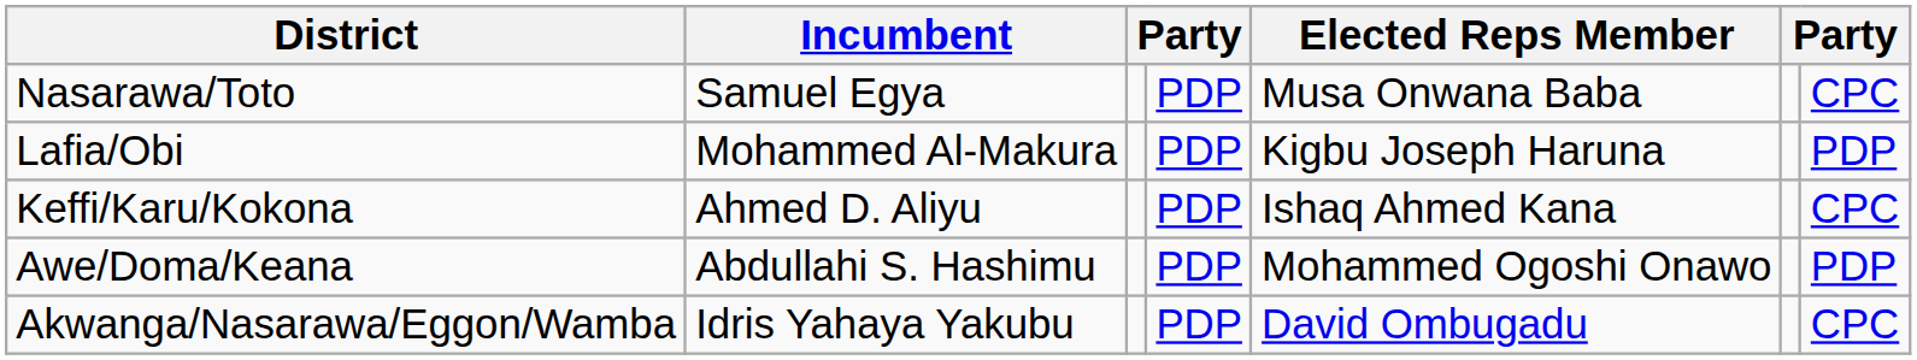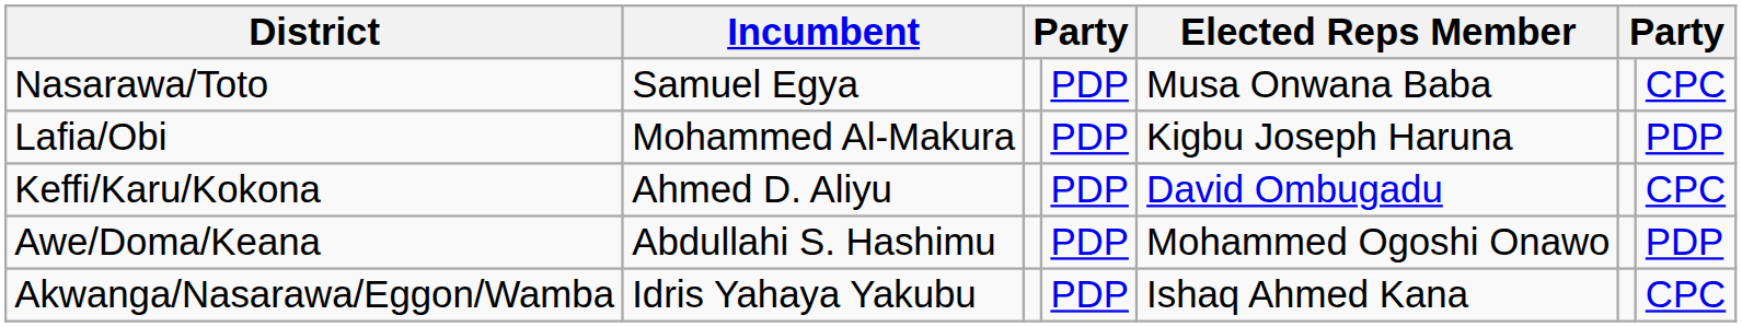 <table class="sortable wikitable" style="font-size:95%;line-height:14px;">
 <tr>
 <th class="unsortable">District</th>
 <th class="unsortable"><a href='#'>Incumbent</a></th>
 <th colspan="2">Party</th>
 <th class="unsortable">Elected Reps Member</th>
 <th colspan="2">Party</th>
 </tr>
 <tr>
 <td>Nasarawa/Toto</td>
 <td>Samuel Egya</td>
 <td style="background:"></td>
 <td><a href='#'>PDP</a></td>
 <td>Musa Onwana Baba</td>
 <td style="background:"></td>
 <td><a href='#'>CPC</a></td>
 </tr>
 <tr>
 <td>Lafia/Obi</td>
 <td>Mohammed Al-Makura</td>
 <td style="background:"></td>
 <td><a href='#'>PDP</a></td>
 <td>Kigbu Joseph Haruna</td>
 <td style="background:"></td>
 <td><a href='#'>PDP</a></td>
 </tr>
 <tr>
 <td>Keffi/Karu/Kokona</td>
 <td>Ahmed D. Aliyu</td>
 <td style="background:"></td>
 <td><a href='#'>PDP</a></td>
-<td>Ishaq Ahmed Kana</td>
+<td><a href='#'>David Ombugadu</a></td>
 <td style="background:"></td>
 <td><a href='#'>CPC</a></td>
 </tr>
 <tr>
 <td>Awe/Doma/Keana</td>
 <td>Abdullahi S. Hashimu</td>
 <td style="background:"></td>
 <td><a href='#'>PDP</a></td>
 <td>Mohammed Ogoshi Onawo</td>
 <td style="background:"></td>
 <td><a href='#'>PDP</a></td>
 </tr>
 <tr>
 <td>Akwanga/Nasarawa/Eggon/Wamba</td>
 <td>Idris Yahaya Yakubu</td>
 <td style="background:"></td>
 <td><a href='#'>PDP</a></td>
-<td><a href='#'>David Ombugadu</a></td>
+<td>Ishaq Ahmed Kana</td>
 <td style="background:"></td>
 <td><a href='#'>CPC</a></td>
 </tr>
 </table>
